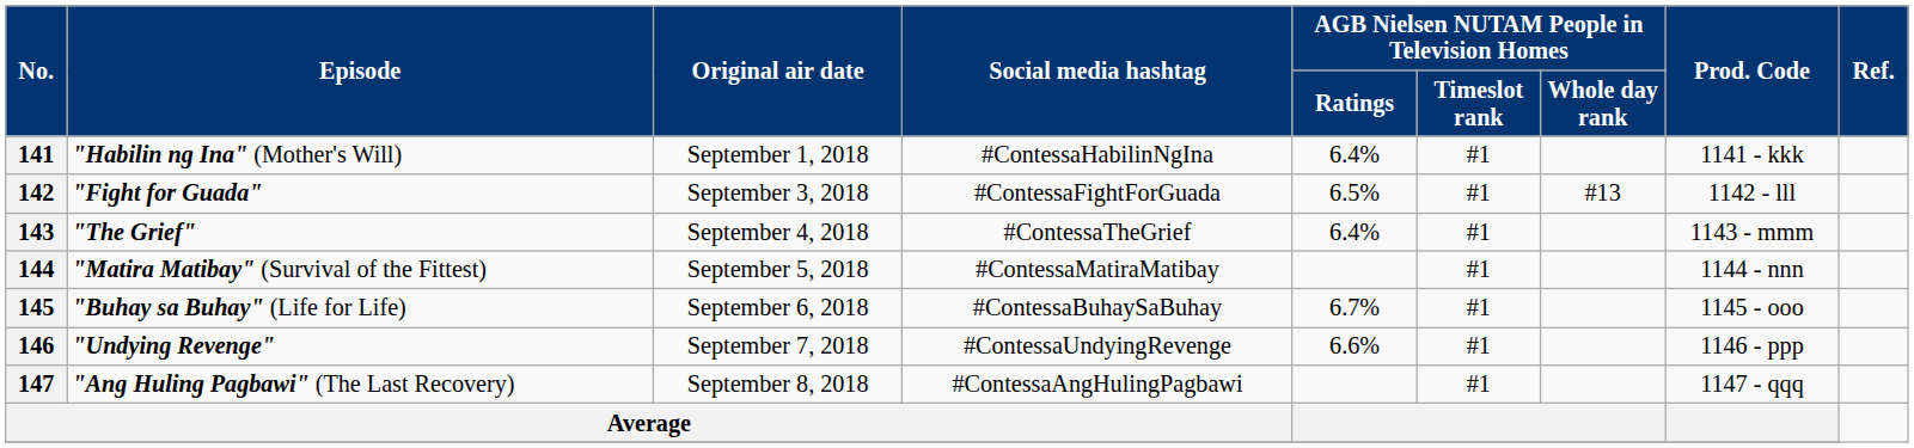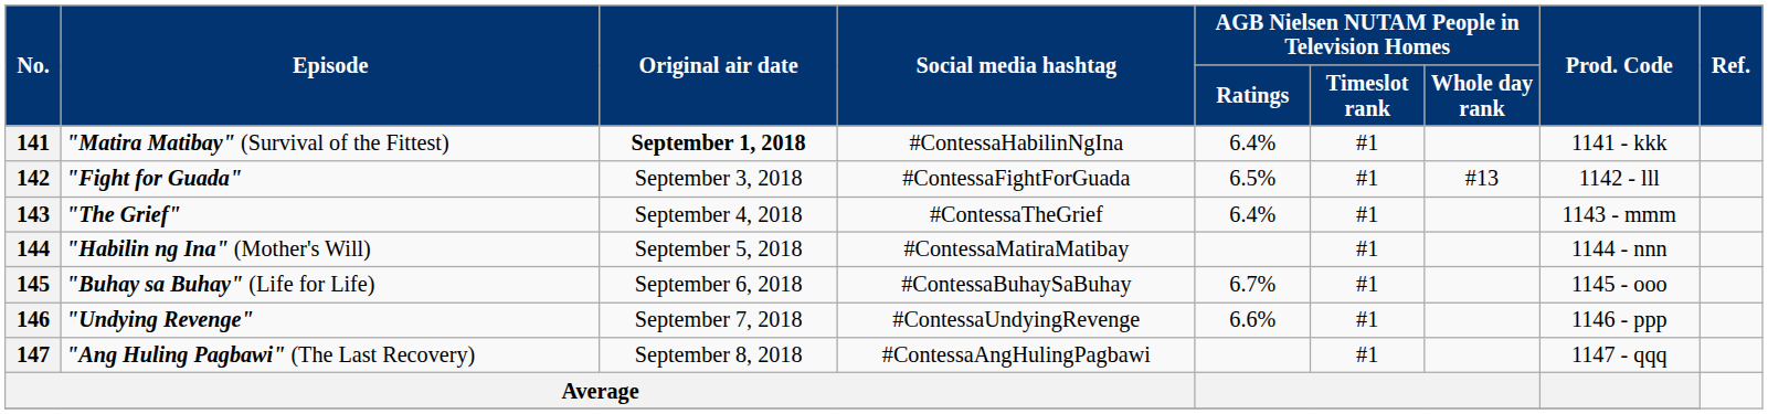 <table class="wikitable" style="text-align:center; font-size:100%; line-height:18px;" width="100%">
 <tr>
 <th style="background-color:#023472; color:#ffffff;" rowspan="2">No.</th>
 <th style="background-color:#023472; color:#ffffff;" rowspan="2">Episode</th>
 <th style="background-color:#023472; color:white" rowspan="2">Original air date</th>
 <th style="background-color:#023472; color:white" rowspan="2">Social media hashtag</th>
 <th style="background-color:#023472; color:#ffffff;" colspan="3">AGB Nielsen NUTAM People in Television Homes</th>
 <th style="background-color:#023472; color:white" rowspan="2">Prod. Code</th>
 <th style="background-color:#023472; color:#ffffff;" rowspan="2">Ref.</th>
 </tr>
 <tr>
 <th style="background-color:#023472; width:75px; color:#ffffff;">Ratings</th>
 <th style="background-color:#023472; width:75px; color:#ffffff;">Timeslot<br>rank</th>
 <th style="background-color:#023472; width:75px; color:#ffffff;">Whole day<br>rank</th>
 </tr>
 <tr>
 <th>141</th>
-<td style="text-align: left;"><strong><em>"Habilin ng Ina"</em></strong> (Mother's Will)</td>
-<td>September 1, 2018</td>
+<td style="text-align: left;"><strong><em>"Matira Matibay"</em></strong> (Survival of the Fittest)</td>
+<td><strong>September 1, 2018</strong></td>
 <td>#ContessaHabilinNgIna</td>
 <td>6.4%</td>
 <td>#1</td>
 <td></td>
 <td>1141 - kkk</td>
 <td></td>
 </tr>
 <tr>
 <th>142</th>
 <td style="text-align: left;"><strong><em>"Fight for Guada"</em></strong></td>
 <td>September 3, 2018</td>
 <td>#ContessaFightForGuada</td>
 <td>6.5%</td>
 <td>#1</td>
 <td>#13</td>
 <td>1142 - lll</td>
 <td></td>
 </tr>
 <tr>
 <th>143</th>
 <td style="text-align: left;"><strong><em>"The Grief"</em></strong></td>
 <td>September 4, 2018</td>
 <td>#ContessaTheGrief</td>
 <td>6.4%</td>
 <td>#1</td>
 <td></td>
 <td>1143 - mmm</td>
 <td></td>
 </tr>
 <tr>
 <th>144</th>
-<td style="text-align: left;"><strong><em>"Matira Matibay"</em></strong> (Survival of the Fittest)</td>
+<td style="text-align: left;"><strong><em>"Habilin ng Ina"</em></strong> (Mother's Will)</td>
 <td>September 5, 2018</td>
 <td>#ContessaMatiraMatibay</td>
 <td></td>
 <td>#1</td>
 <td></td>
 <td>1144 - nnn</td>
 <td></td>
 </tr>
 <tr>
 <th>145</th>
 <td style="text-align: left;"><strong><em>"Buhay sa Buhay"</em></strong> (Life for Life)</td>
 <td>September 6, 2018</td>
 <td>#ContessaBuhaySaBuhay</td>
 <td>6.7%</td>
 <td>#1</td>
 <td></td>
 <td>1145 - ooo</td>
 <td></td>
 </tr>
 <tr>
 <th>146</th>
 <td style="text-align: left;"><strong><em>"Undying Revenge"</em></strong></td>
 <td>September 7, 2018</td>
 <td>#ContessaUndyingRevenge</td>
 <td>6.6%</td>
 <td>#1</td>
 <td></td>
 <td>1146 - ppp</td>
 <td></td>
 </tr>
 <tr>
 <th>147</th>
 <td style="text-align: left;"><strong><em>"Ang Huling Pagbawi"</em></strong> (The Last Recovery)</td>
 <td>September 8, 2018</td>
 <td>#ContessaAngHulingPagbawi</td>
 <td></td>
 <td>#1</td>
 <td></td>
 <td>1147 - qqq</td>
 <td></td>
 </tr>
 <tr>
 <th colspan="4">Average</th>
 <th colspan="3"></th>
 <th></th>
 </tr>
 <tr>
 </tr>
 </table>
